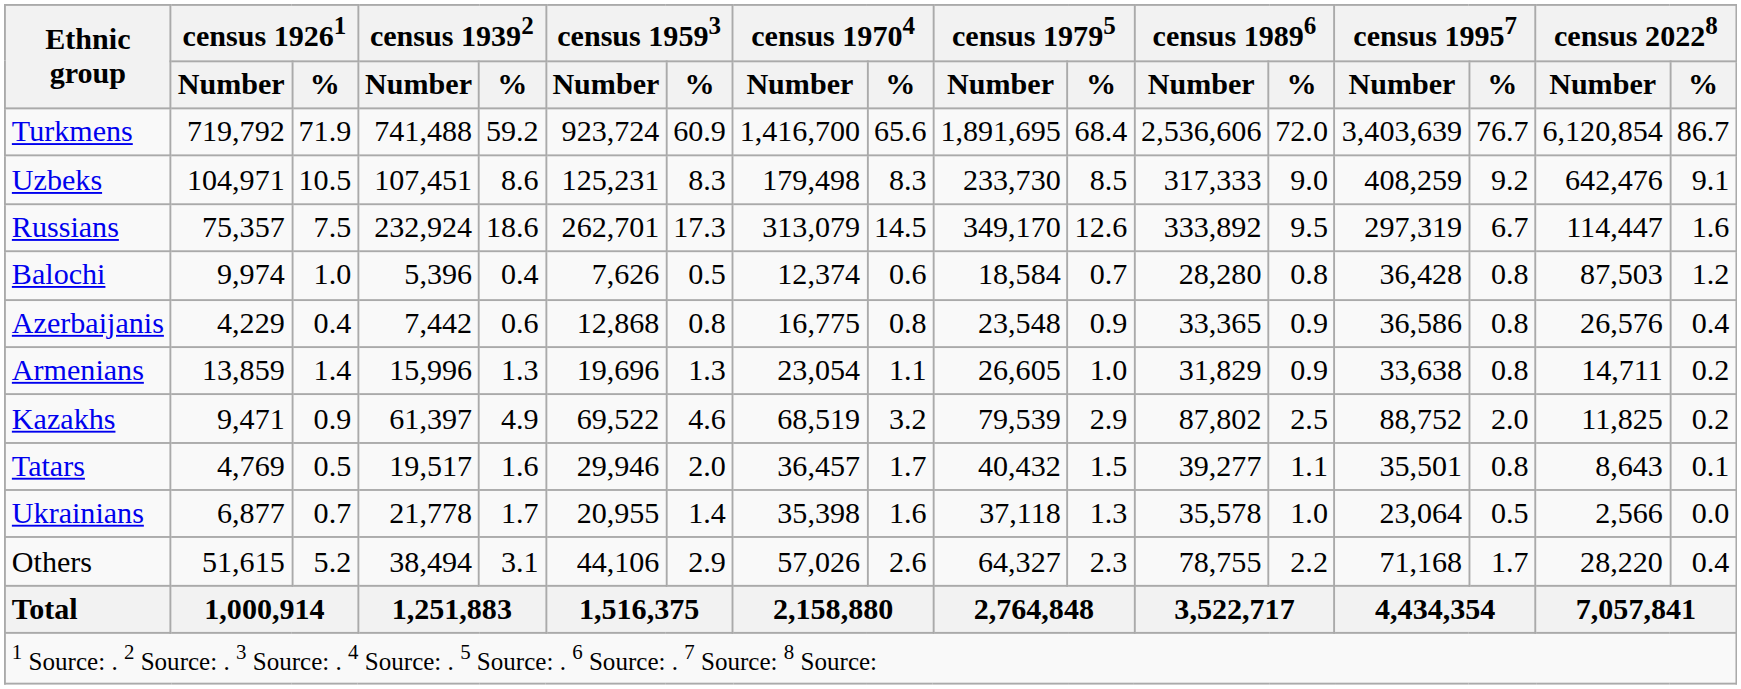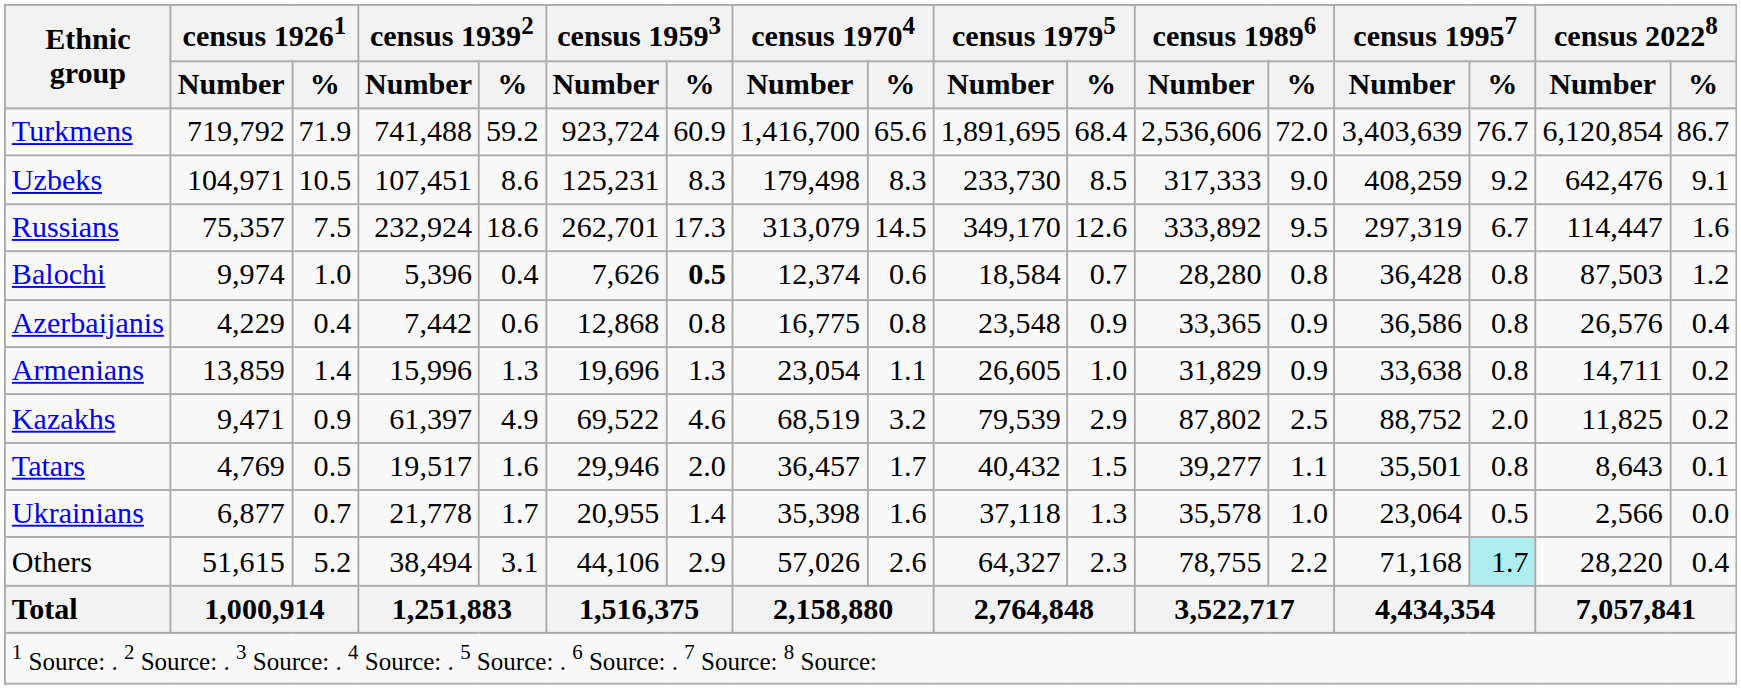 <table class="wikitable">
 <tr style="background:#e0e0e0;">
 <th rowspan="2">Ethnic<br>group</th>
 <th colspan="2">census 1926<sup>1</sup></th>
 <th colspan="2">census 1939<sup>2</sup></th>
 <th colspan="2">census 1959<sup>3</sup></th>
 <th colspan="2">census 1970<sup>4</sup></th>
 <th colspan="2">census 1979<sup>5</sup></th>
 <th colspan="2">census 1989<sup>6</sup></th>
 <th colspan="2">census 1995<sup>7</sup></th>
 <th colspan="2">census 2022<sup>8</sup></th>
 </tr>
 <tr style="background:#e0e0e0;">
 <th>Number</th>
 <th>%</th>
 <th>Number</th>
 <th>%</th>
 <th>Number</th>
 <th>%</th>
 <th>Number</th>
 <th>%</th>
 <th>Number</th>
 <th>%</th>
 <th>Number</th>
 <th>%</th>
 <th>Number</th>
 <th>%</th>
 <th>Number</th>
 <th>%</th>
 </tr>
 <tr>
 <td><a href='#'>Turkmens</a></td>
 <td style="text-align:right;">719,792</td>
 <td style="text-align:right;">71.9</td>
 <td style="text-align:right;">741,488</td>
 <td style="text-align:right;">59.2</td>
 <td style="text-align:right;">923,724</td>
 <td style="text-align:right;">60.9</td>
 <td style="text-align:right;">1,416,700</td>
 <td style="text-align:right;">65.6</td>
 <td style="text-align:right;">1,891,695</td>
 <td style="text-align:right;">68.4</td>
 <td style="text-align:right;">2,536,606</td>
 <td style="text-align:right;">72.0</td>
 <td style="text-align:right;">3,403,639</td>
 <td style="text-align:right;">76.7</td>
 <td style="text-align:right;">6,120,854</td>
 <td style="text-align:right;">86.7</td>
 </tr>
 <tr>
 <td><a href='#'>Uzbeks</a></td>
 <td style="text-align:right;">104,971</td>
 <td style="text-align:right;">10.5</td>
 <td style="text-align:right;">107,451</td>
 <td style="text-align:right;">8.6</td>
 <td style="text-align:right;">125,231</td>
 <td style="text-align:right;">8.3</td>
 <td style="text-align:right;">179,498</td>
 <td style="text-align:right;">8.3</td>
 <td style="text-align:right;">233,730</td>
 <td style="text-align:right;">8.5</td>
 <td style="text-align:right;">317,333</td>
 <td style="text-align:right;">9.0</td>
 <td style="text-align:right;">408,259</td>
 <td style="text-align:right;">9.2</td>
 <td style="text-align:right;">642,476</td>
 <td style="text-align:right;">9.1</td>
 </tr>
 <tr>
 <td><a href='#'>Russians</a></td>
 <td style="text-align:right;">75,357</td>
 <td style="text-align:right;">7.5</td>
 <td style="text-align:right;">232,924</td>
 <td style="text-align:right;">18.6</td>
 <td style="text-align:right;">262,701</td>
 <td style="text-align:right;">17.3</td>
 <td style="text-align:right;">313,079</td>
 <td style="text-align:right;">14.5</td>
 <td style="text-align:right;">349,170</td>
 <td style="text-align:right;">12.6</td>
 <td style="text-align:right;">333,892</td>
 <td style="text-align:right;">9.5</td>
 <td style="text-align:right;">297,319</td>
 <td style="text-align:right;">6.7</td>
 <td style="text-align:right;">114,447</td>
 <td style="text-align:right;">1.6</td>
 </tr>
 <tr>
 <td><a href='#'>Balochi</a></td>
 <td style="text-align:right;">9,974</td>
 <td style="text-align:right;">1.0</td>
 <td style="text-align:right;">5,396</td>
 <td style="text-align:right;">0.4</td>
 <td style="text-align:right;">7,626</td>
-<td style="text-align:right;">0.5</td>
+<td style="text-align:right;"><strong>0.5</strong></td>
 <td style="text-align:right;">12,374</td>
 <td style="text-align:right;">0.6</td>
 <td style="text-align:right;">18,584</td>
 <td style="text-align:right;">0.7</td>
 <td style="text-align:right;">28,280</td>
 <td style="text-align:right;">0.8</td>
 <td style="text-align:right;">36,428</td>
 <td style="text-align:right;">0.8</td>
 <td style="text-align:right;">87,503</td>
 <td style="text-align:right;">1.2</td>
 </tr>
 <tr>
 <td><a href='#'>Azerbaijanis</a></td>
 <td style="text-align:right;">4,229</td>
 <td style="text-align:right;">0.4</td>
 <td style="text-align:right;">7,442</td>
 <td style="text-align:right;">0.6</td>
 <td style="text-align:right;">12,868</td>
 <td style="text-align:right;">0.8</td>
 <td style="text-align:right;">16,775</td>
 <td style="text-align:right;">0.8</td>
 <td style="text-align:right;">23,548</td>
 <td style="text-align:right;">0.9</td>
 <td style="text-align:right;">33,365</td>
 <td style="text-align:right;">0.9</td>
 <td style="text-align:right;">36,586</td>
 <td style="text-align:right;">0.8</td>
 <td style="text-align:right;">26,576</td>
 <td style="text-align:right;">0.4</td>
 </tr>
 <tr>
 <td><a href='#'>Armenians</a></td>
 <td style="text-align:right;">13,859</td>
 <td style="text-align:right;">1.4</td>
 <td style="text-align:right;">15,996</td>
 <td style="text-align:right;">1.3</td>
 <td style="text-align:right;">19,696</td>
 <td style="text-align:right;">1.3</td>
 <td style="text-align:right;">23,054</td>
 <td style="text-align:right;">1.1</td>
 <td style="text-align:right;">26,605</td>
 <td style="text-align:right;">1.0</td>
 <td style="text-align:right;">31,829</td>
 <td style="text-align:right;">0.9</td>
 <td style="text-align:right;">33,638</td>
 <td style="text-align:right;">0.8</td>
 <td style="text-align:right;">14,711</td>
 <td style="text-align:right;">0.2</td>
 </tr>
 <tr>
 <td><a href='#'>Kazakhs</a></td>
 <td style="text-align:right;">9,471</td>
 <td style="text-align:right;">0.9</td>
 <td style="text-align:right;">61,397</td>
 <td style="text-align:right;">4.9</td>
 <td style="text-align:right;">69,522</td>
 <td style="text-align:right;">4.6</td>
 <td style="text-align:right;">68,519</td>
 <td style="text-align:right;">3.2</td>
 <td style="text-align:right;">79,539</td>
 <td style="text-align:right;">2.9</td>
 <td style="text-align:right;">87,802</td>
 <td style="text-align:right;">2.5</td>
 <td style="text-align:right;">88,752</td>
 <td style="text-align:right;">2.0</td>
 <td style="text-align:right;">11,825</td>
 <td style="text-align:right;">0.2</td>
 </tr>
 <tr>
 <td><a href='#'>Tatars</a></td>
 <td style="text-align:right;">4,769</td>
 <td style="text-align:right;">0.5</td>
 <td style="text-align:right;">19,517</td>
 <td style="text-align:right;">1.6</td>
 <td style="text-align:right;">29,946</td>
 <td style="text-align:right;">2.0</td>
 <td style="text-align:right;">36,457</td>
 <td style="text-align:right;">1.7</td>
 <td style="text-align:right;">40,432</td>
 <td style="text-align:right;">1.5</td>
 <td style="text-align:right;">39,277</td>
 <td style="text-align:right;">1.1</td>
 <td style="text-align:right;">35,501</td>
 <td style="text-align:right;">0.8</td>
 <td style="text-align:right;">8,643</td>
 <td style="text-align:right;">0.1</td>
 </tr>
 <tr>
 <td><a href='#'>Ukrainians</a></td>
 <td style="text-align:right;">6,877</td>
 <td style="text-align:right;">0.7</td>
 <td style="text-align:right;">21,778</td>
 <td style="text-align:right;">1.7</td>
 <td style="text-align:right;">20,955</td>
 <td style="text-align:right;">1.4</td>
 <td style="text-align:right;">35,398</td>
 <td style="text-align:right;">1.6</td>
 <td style="text-align:right;">37,118</td>
 <td style="text-align:right;">1.3</td>
 <td style="text-align:right;">35,578</td>
 <td style="text-align:right;">1.0</td>
 <td style="text-align:right;">23,064</td>
 <td style="text-align:right;">0.5</td>
 <td style="text-align:right;">2,566</td>
 <td style="text-align:right;">0.0</td>
 </tr>
 <tr>
 <td>Others</td>
 <td style="text-align:right;">51,615</td>
 <td style="text-align:right;">5.2</td>
 <td style="text-align:right;">38,494</td>
 <td style="text-align:right;">3.1</td>
 <td style="text-align:right;">44,106</td>
 <td style="text-align:right;">2.9</td>
 <td style="text-align:right;">57,026</td>
 <td style="text-align:right;">2.6</td>
 <td style="text-align:right;">64,327</td>
 <td style="text-align:right;">2.3</td>
 <td style="text-align:right;">78,755</td>
 <td style="text-align:right;">2.2</td>
 <td style="text-align:right;">71,168</td>
-<td style="text-align:right;">1.7</td>
+<td style="background: paleturquoise; text-align:right;">1.7</td>
 <td style="text-align:right;">28,220</td>
 <td style="text-align:right;">0.4</td>
 </tr>
 <tr style="background:#e0e0e0;">
 <th style="text-align:left;">Total</th>
 <th colspan="2">1,000,914</th>
 <th colspan="2">1,251,883</th>
 <th colspan="2">1,516,375</th>
 <th colspan="2">2,158,880</th>
 <th colspan="2">2,764,848</th>
 <th colspan="2">3,522,717</th>
 <th colspan="2">4,434,354</th>
 <th colspan="2">7,057,841</th>
 </tr>
 <tr>
 <td colspan="19"><small><sup>1</sup> Source: . <sup>2</sup> Source:  . <sup>3</sup> Source: . <sup>4</sup> Source: . <sup>5</sup> Source: . <sup>6</sup> Source: . <sup>7</sup> Source:  <sup>8</sup> Source: </small></td>
 </tr>
 </table>
